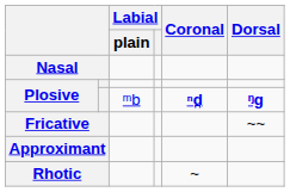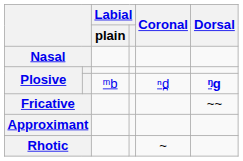 <table class="wikitable" style=text-align:center>
 <tr>
 <th colspan="2" rowspan="2"></th>
 <th colspan="2"><a href='#'>Labial</a></th>
 <th rowspan="2"><a href='#'>Coronal</a></th>
 <th rowspan="2"><a href='#'>Dorsal</a></th>
 </tr>
 <tr>
 <th>plain</th>
 <th></th>
 </tr>
 <tr>
 <th colspan="2"><a href='#'>Nasal</a></th>
 <td></td>
 <td></td>
 <td></td>
 <td></td>
 </tr>
 <tr>
 <th rowspan="2"><a href='#'>Plosive</a></th>
 <th></th>
 <td></td>
 <td></td>
 <td></td>
 <td></td>
 </tr>
 <tr>
 <th></th>
 <td><a href='#'>ᵐb</a></td>
 <td></td>
-<td><strong><a href='#'>ⁿd̪</a></strong></td>
+<td><a href='#'>ⁿd̪</a></td>
 <td><strong><a href='#'>ᵑg</a></strong></td>
 </tr>
 <tr>
 <th colspan="2"><a href='#'>Fricative</a></th>
 <td></td>
 <td></td>
 <td></td>
 <td>~~</td>
 </tr>
 <tr>
 <th colspan="2"><a href='#'>Approximant</a></th>
 <td></td>
 <td></td>
 <td></td>
 <td></td>
 </tr>
 <tr>
 <th colspan="2"><a href='#'>Rhotic</a></th>
 <td></td>
 <td></td>
 <td>~</td>
 <td></td>
 </tr>
 </table>
